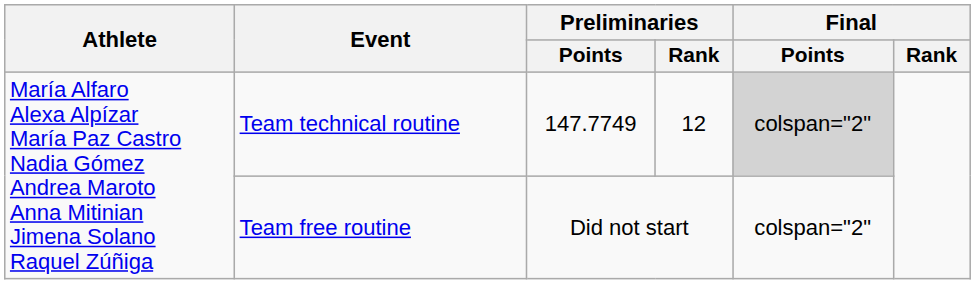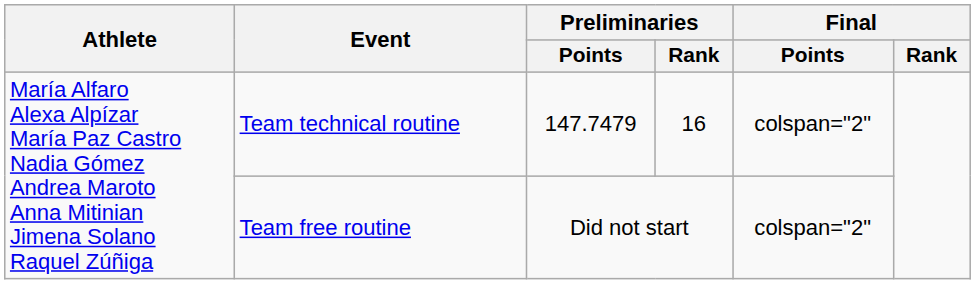 <table class="wikitable" style="text-align:center; font-size:90%; width:50%;">
 <tr>
 <th rowspan="2">Athlete</th>
 <th rowspan="2">Event</th>
 <th colspan="2">Preliminaries</th>
 <th colspan="2">Final</th>
 </tr>
 <tr style="font-size:95%">
 <th>Points</th>
 <th>Rank</th>
 <th>Points</th>
 <th>Rank</th>
 </tr>
 <tr>
 <td align=left rowspan=2><a href='#'>María Alfaro</a><br><a href='#'>Alexa Alpízar</a><br><a href='#'>María Paz Castro</a><br><a href='#'>Nadia Gómez</a><br><a href='#'>Andrea Maroto</a><br><a href='#'>Anna Mitinian</a><br><a href='#'>Jimena Solano</a><br><a href='#'>Raquel Zúñiga</a></td>
 <td align=left><a href='#'>Team technical routine</a></td>
-<td>147.7749</td>
-<td>12</td>
-<td style="background: lightgrey;">colspan="2" </td>
+<td>147.7479</td>
+<td>16</td>
+<td>colspan="2" </td>
 </tr>
 <tr>
 <td align=left><a href='#'>Team free routine</a></td>
 <td colspan="2">Did not start</td>
 <td>colspan="2" </td>
 </tr>
 </table>
